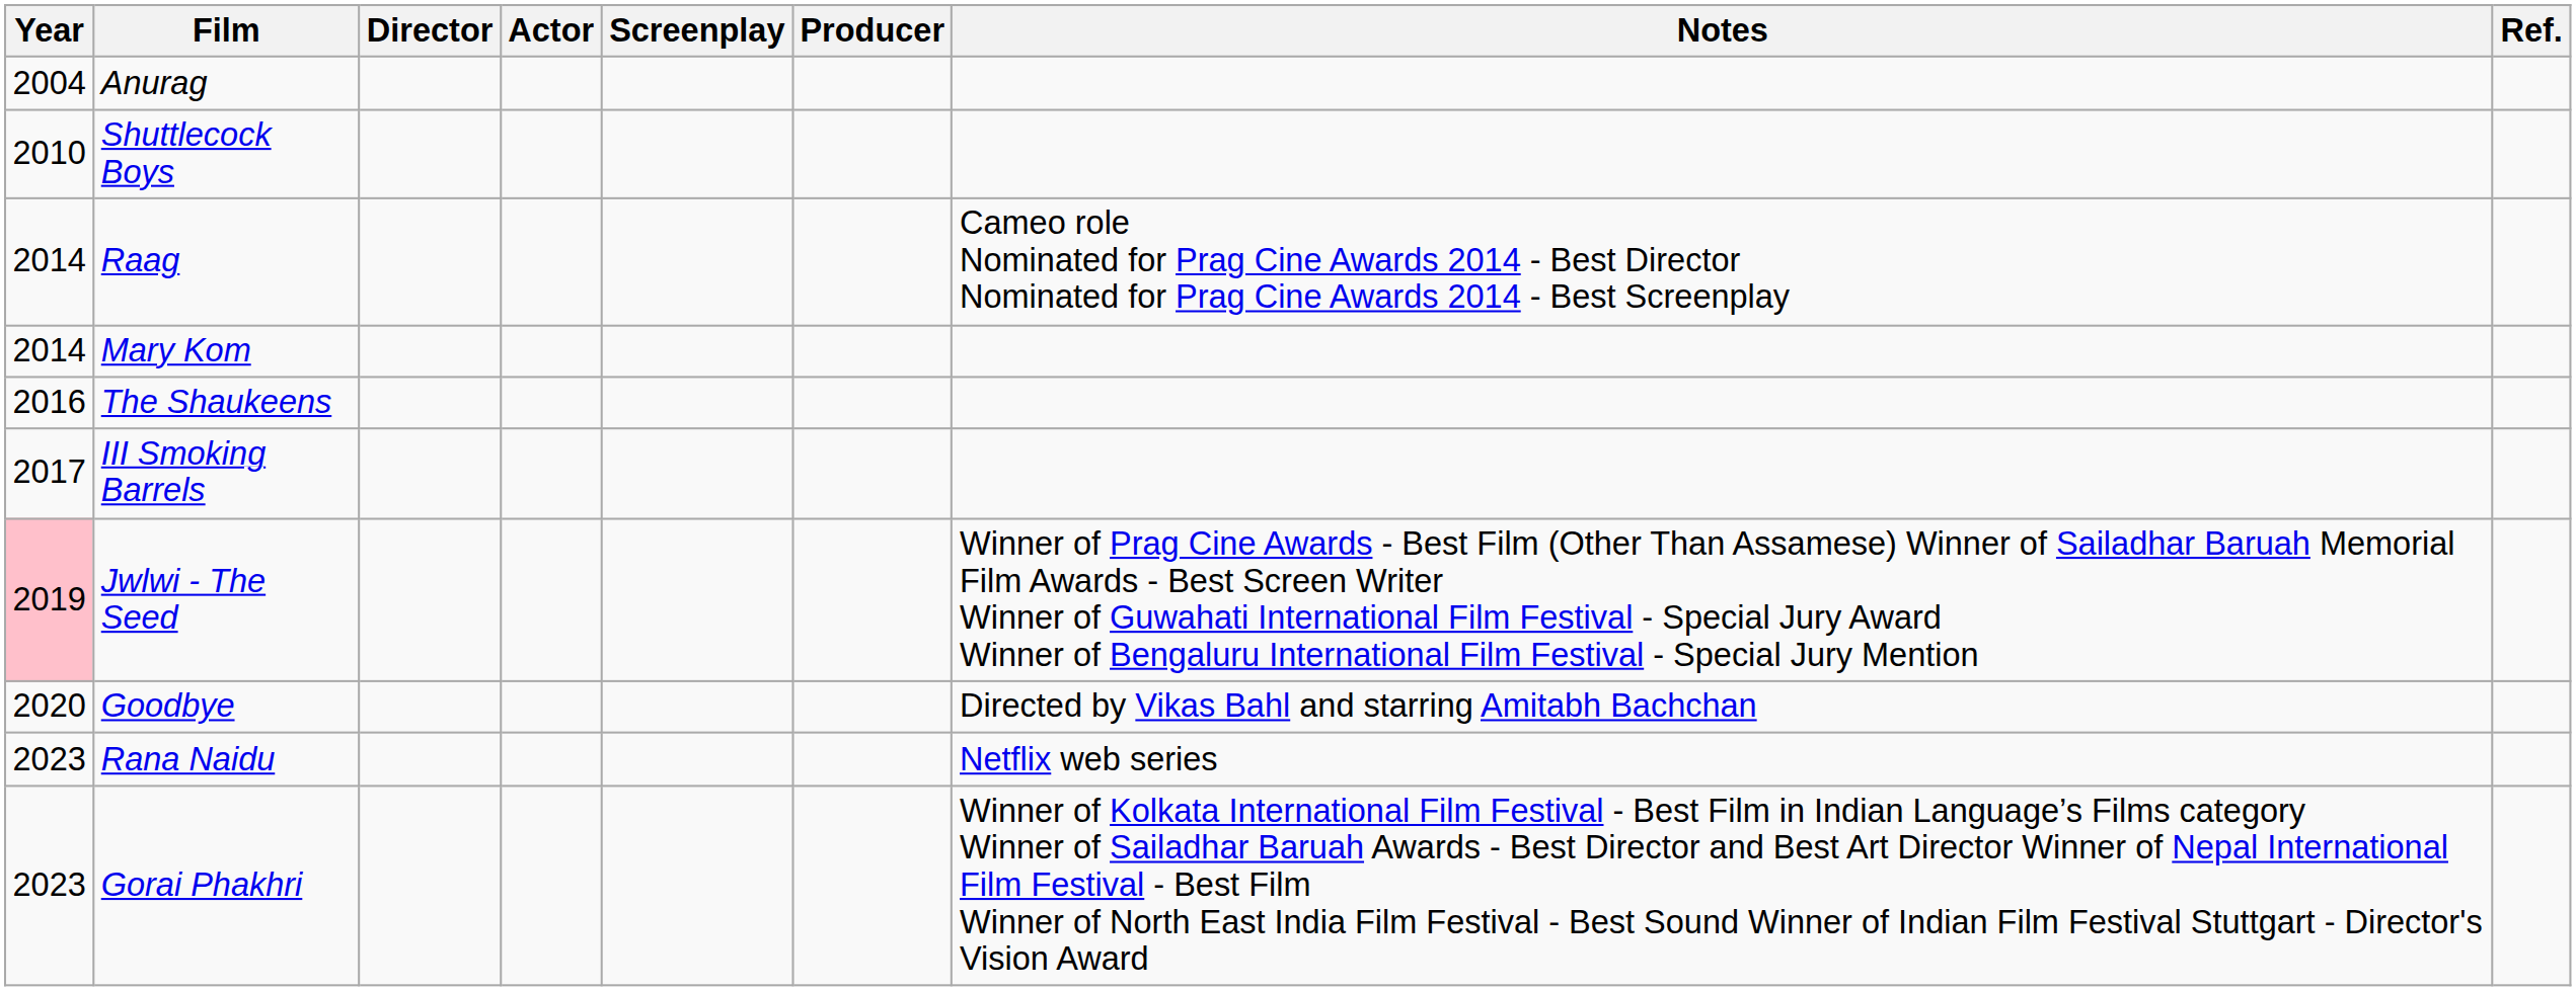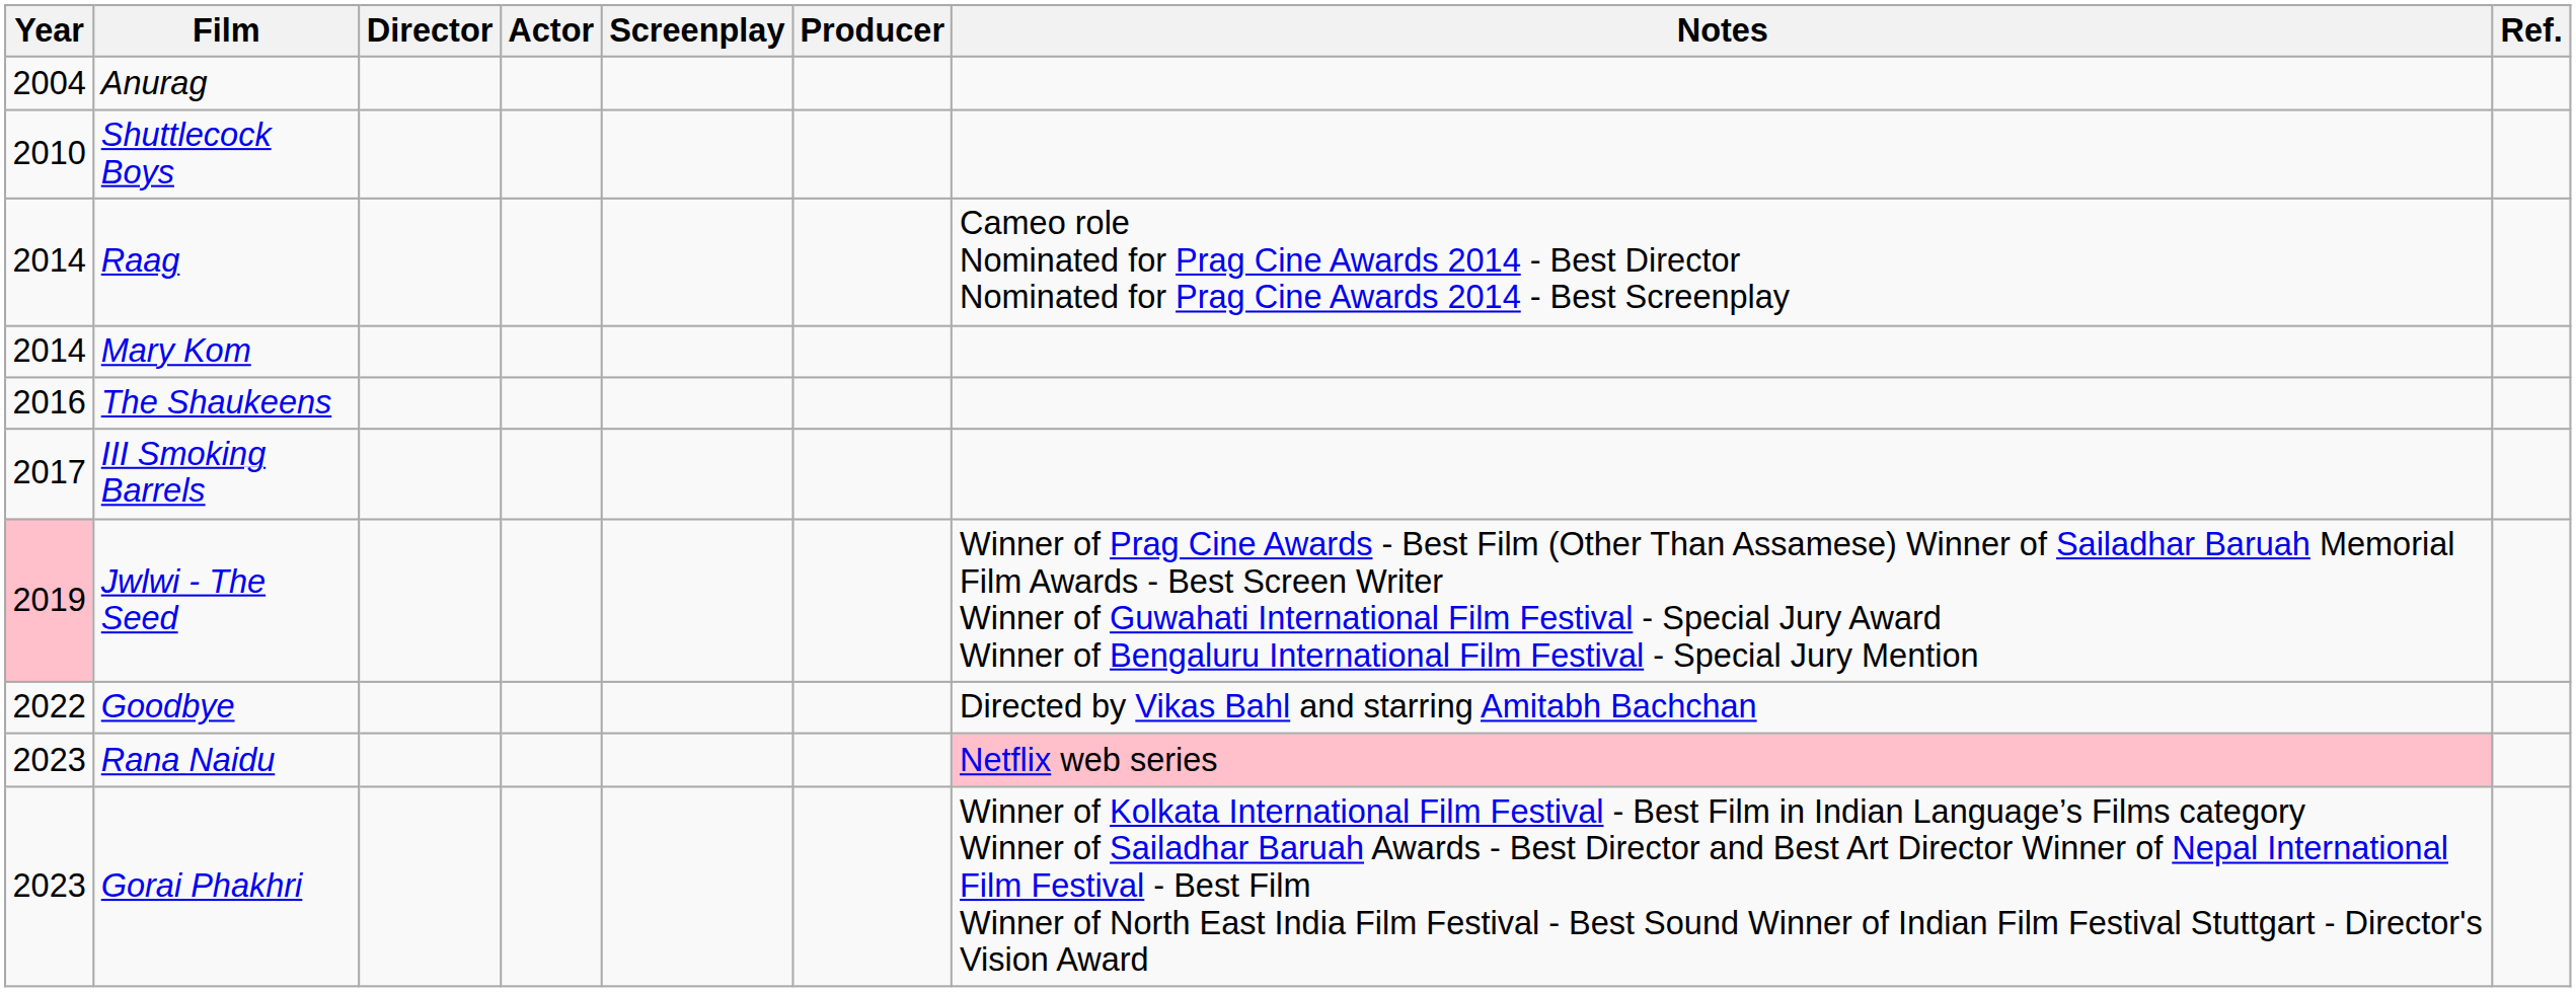 <table class="wikitable">
 <tr>
 <th>Year</th>
 <th>Film</th>
 <th>Director</th>
 <th>Actor</th>
 <th>Screenplay</th>
 <th>Producer</th>
 <th>Notes</th>
 <th>Ref.</th>
 </tr>
 <tr>
 <td>2004</td>
 <td><em>Anurag</em></td>
 <td></td>
 <td></td>
 <td></td>
 <td></td>
 <td></td>
 <td></td>
 </tr>
 <tr>
 <td>2010</td>
 <td><em><a href='#'>Shuttlecock Boys</a></em></td>
 <td></td>
 <td></td>
 <td></td>
 <td></td>
 <td></td>
 <td></td>
 </tr>
 <tr>
 <td>2014</td>
 <td><em><a href='#'>Raag</a></em></td>
 <td></td>
 <td></td>
 <td></td>
 <td></td>
 <td>Cameo role <br>Nominated for <a href='#'>Prag Cine Awards 2014</a> - Best Director <br>Nominated for <a href='#'>Prag Cine Awards 2014</a> - Best Screenplay</td>
 <td></td>
 </tr>
 <tr>
 <td>2014</td>
 <td><em><a href='#'>Mary Kom</a></em></td>
 <td></td>
 <td></td>
 <td></td>
 <td></td>
 <td></td>
 <td></td>
 </tr>
 <tr>
 <td>2016</td>
 <td><em><a href='#'>The Shaukeens</a></em></td>
 <td></td>
 <td></td>
 <td></td>
 <td></td>
 <td></td>
 <td></td>
 </tr>
 <tr>
 <td>2017</td>
 <td><em><a href='#'>III Smoking Barrels</a></em></td>
 <td></td>
 <td></td>
 <td></td>
 <td></td>
 <td></td>
 <td></td>
 </tr>
 <tr>
 <td style="background: pink;">2019</td>
 <td><em><a href='#'>Jwlwi - The Seed</a></em></td>
 <td></td>
 <td></td>
 <td></td>
 <td></td>
 <td>Winner of <a href='#'>Prag Cine Awards</a> - Best Film (Other Than Assamese) Winner of <a href='#'>Sailadhar Baruah</a> Memorial Film Awards - Best Screen Writer<br>Winner of <a href='#'>Guwahati International Film Festival</a> - Special Jury Award<br>Winner of <a href='#'>Bengaluru International Film Festival</a> - Special Jury Mention</td>
 <td></td>
 </tr>
 <tr>
-<td>2020</td>
+<td>2022</td>
 <td><em><a href='#'>Goodbye</a></em></td>
 <td></td>
 <td></td>
 <td></td>
 <td></td>
 <td>Directed by <a href='#'>Vikas Bahl</a> and starring <a href='#'>Amitabh Bachchan</a></td>
 <td></td>
 </tr>
 <tr>
 <td>2023</td>
 <td><em><a href='#'>Rana Naidu</a></em></td>
 <td></td>
 <td></td>
 <td></td>
 <td></td>
-<td><a href='#'>Netflix</a> web series</td>
+<td style="background: pink;"><a href='#'>Netflix</a> web series</td>
 <td></td>
 </tr>
 <tr>
 <td>2023</td>
 <td><em><a href='#'>Gorai Phakhri</a></em></td>
 <td></td>
 <td></td>
 <td></td>
 <td></td>
 <td>Winner of <a href='#'>Kolkata International Film Festival</a> - Best Film in Indian Language’s Films category<br>Winner of <a href='#'>Sailadhar Baruah</a> Awards - Best Director and Best Art Director Winner of <a href='#'>Nepal International Film Festival</a> - Best Film<br>Winner of North East India Film Festival - Best Sound Winner of Indian Film Festival Stuttgart - Director's Vision Award</td>
 <td></td>
 </tr>
 </table>
